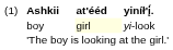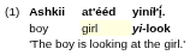 <table cellspacing="0" cellpadding="2" style="margin-left:2em">
 <tr>
 <td>(1)  </td>
 <td><strong>Ashkii</strong></td>
 <td><strong>at'ééd</strong></td>
 <td><strong>yiníł'į́.</strong></td>
 </tr>
 <tr>
 <td></td>
 <td>boy</td>
 <td style="background: lightyellow;">girl</td>
-<td><em>yi</em>-look</td>
+<td><strong><em>yi</em>-look</strong></td>
 </tr>
 <tr>
 <td></td>
 <td COLSPAN=3>'The boy is looking at the girl.'</td>
 </tr>
 </table>
